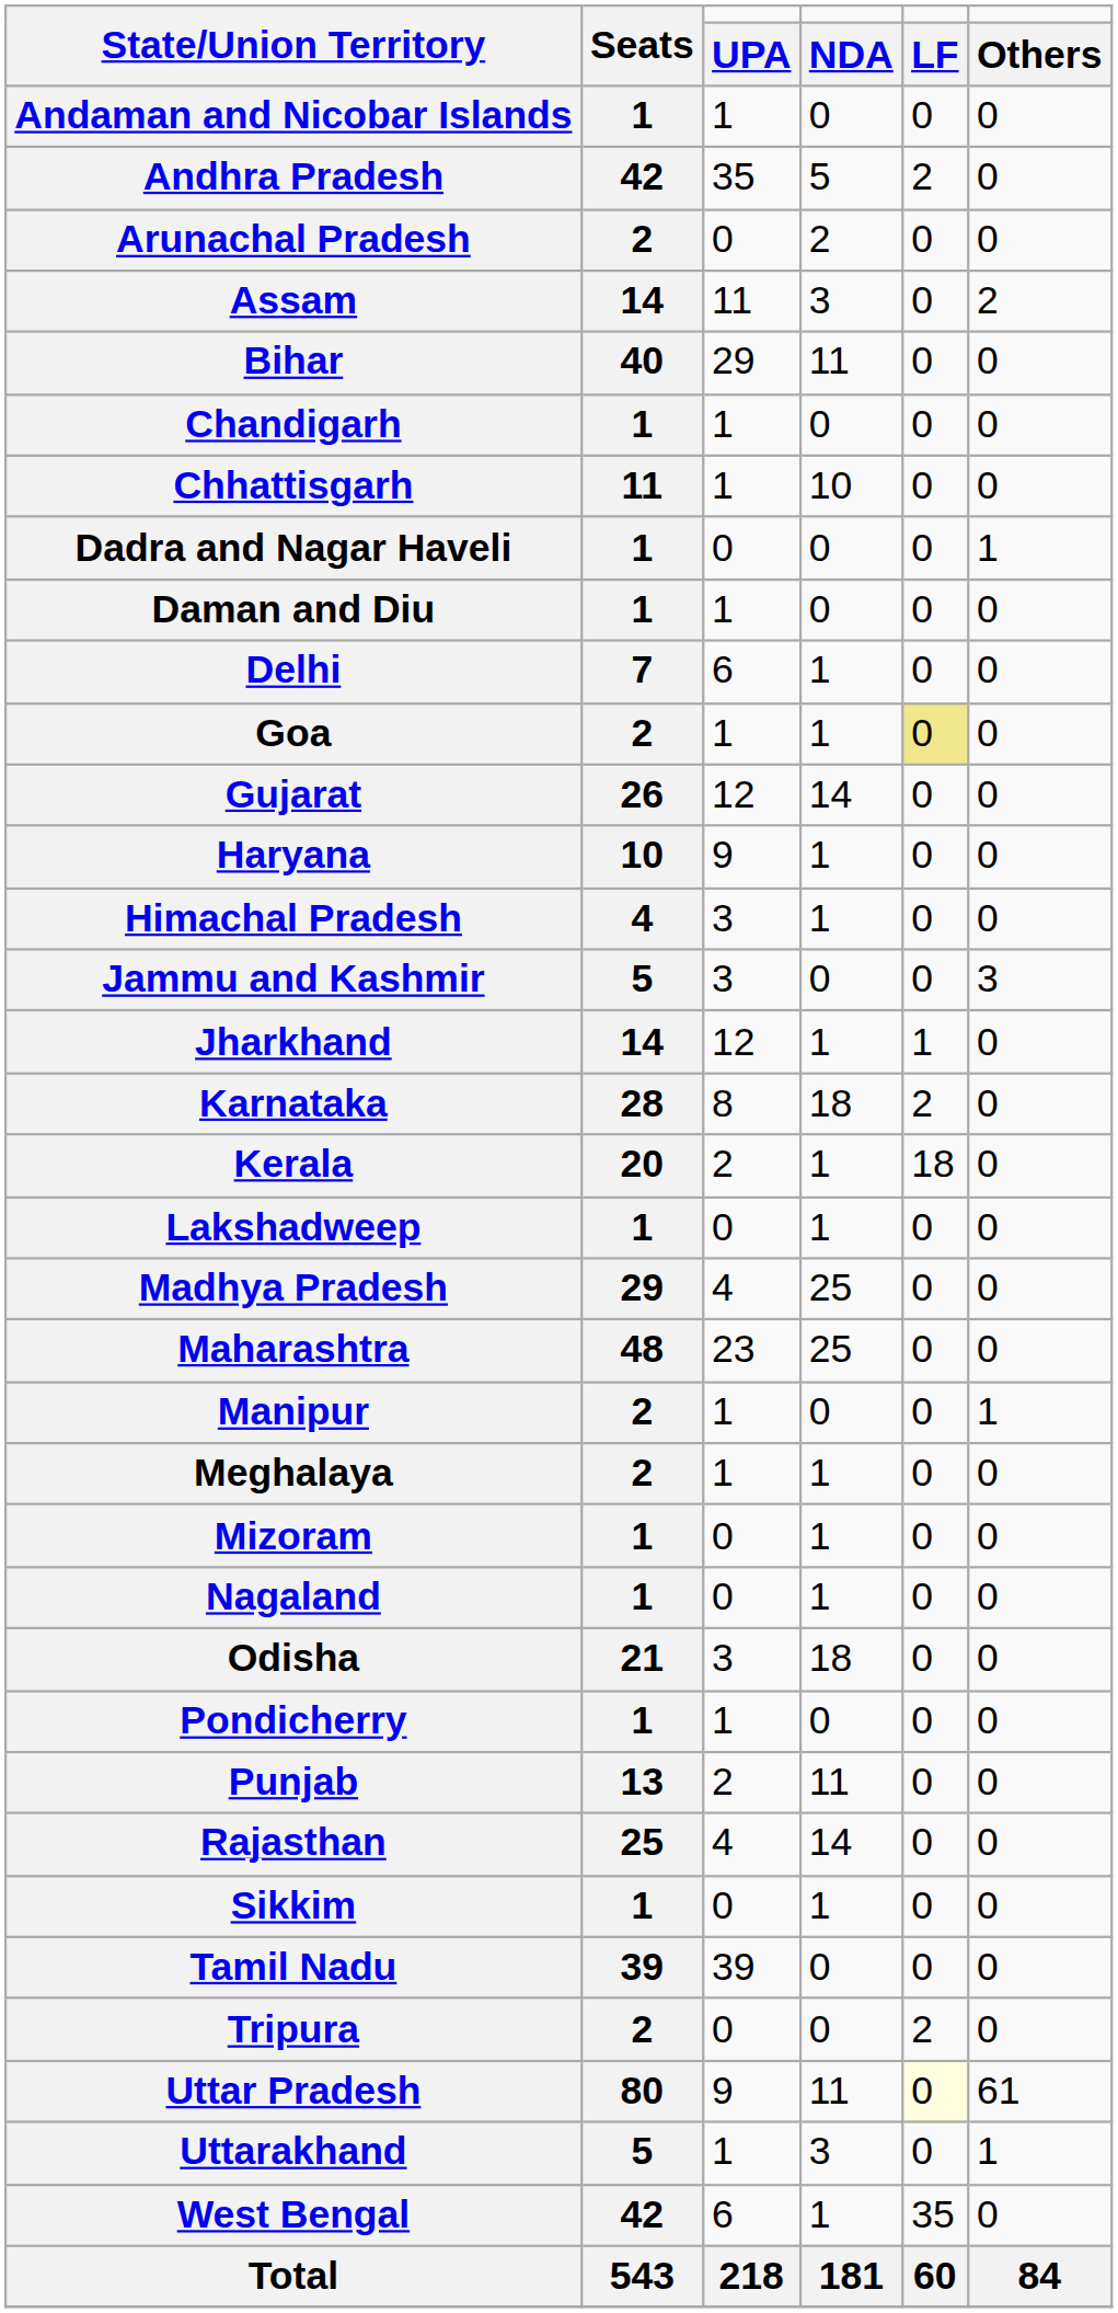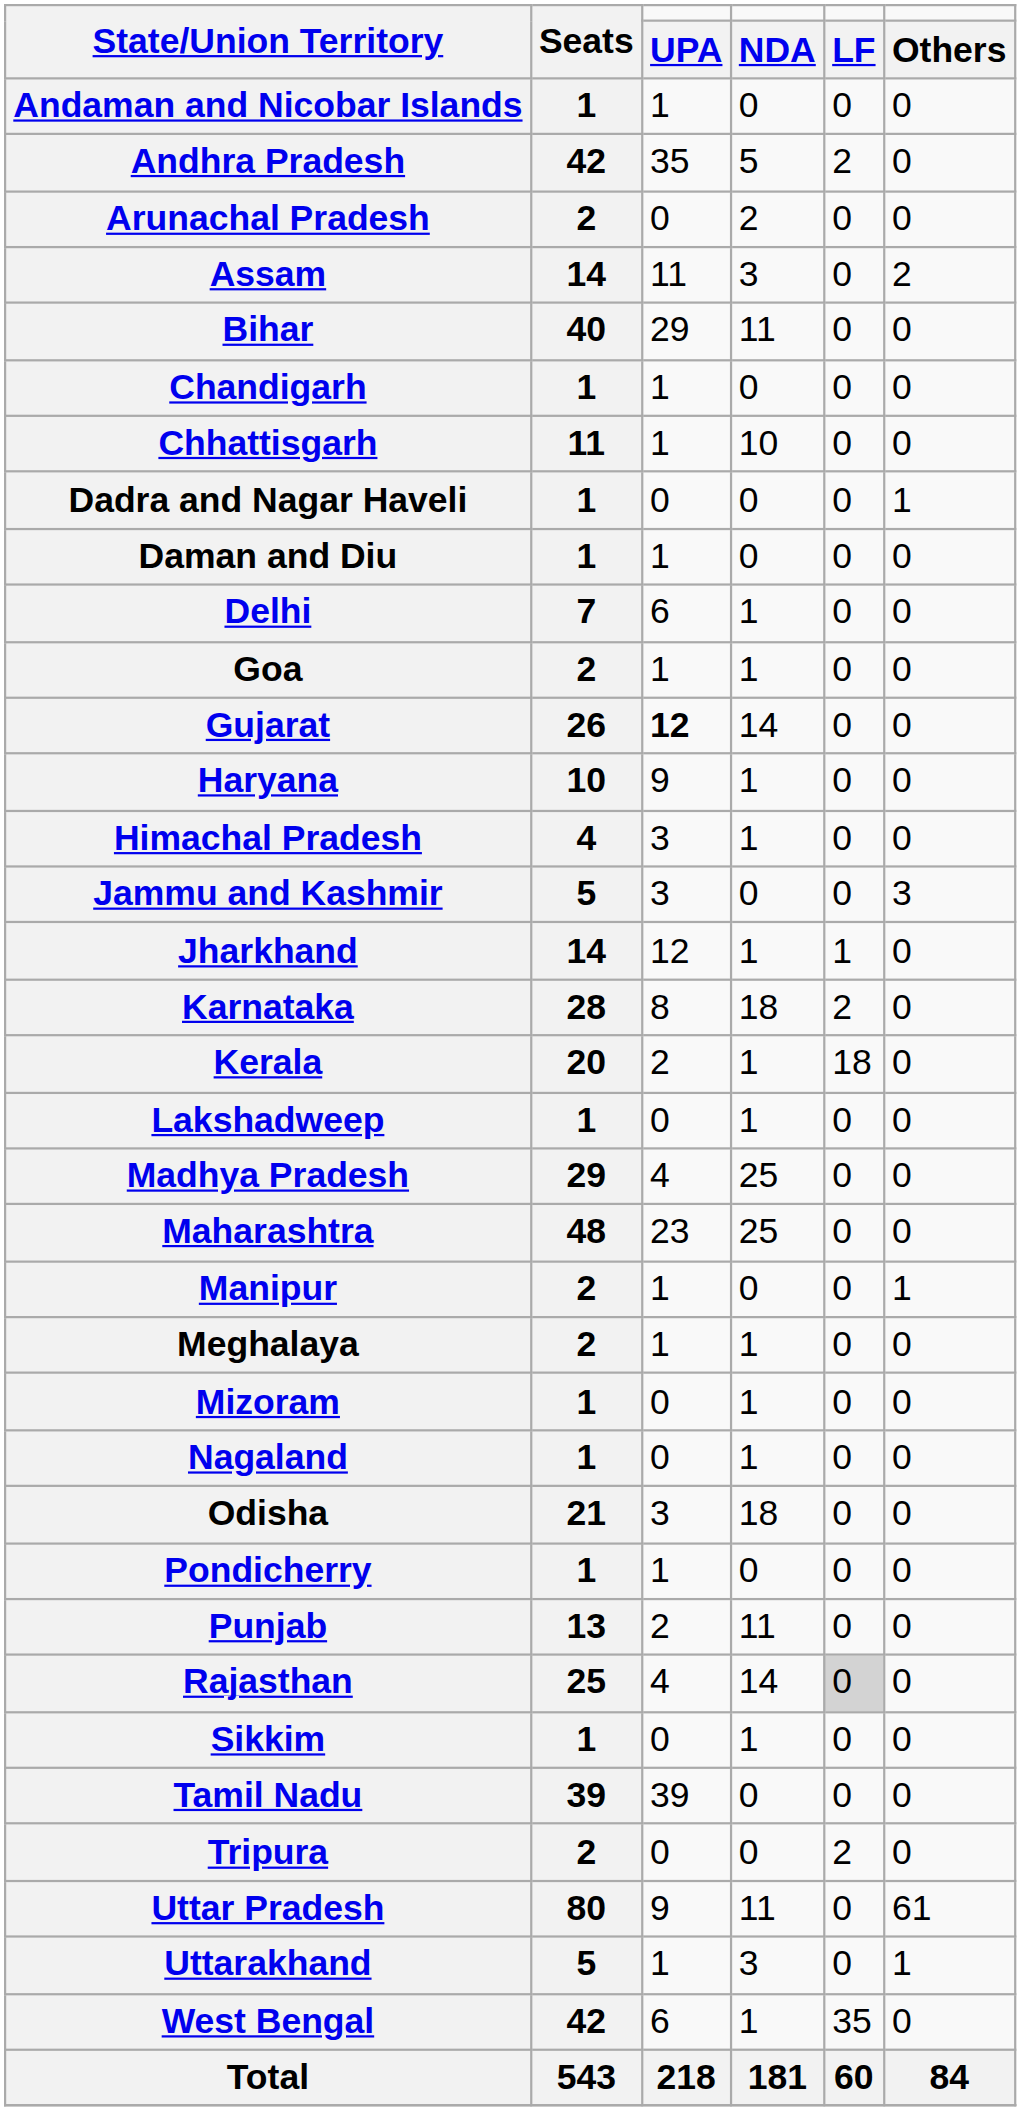 <table class="wikitable defaultcenter col1left" style="font-size: 100%">
 <tr>
 <th rowspan="2"><a href='#'>State/Union Territory</a></th>
 <th rowspan="2">Seats</th>
 <td></td>
 <td></td>
 <td></td>
 <td></td>
 </tr>
 <tr>
 <th><a href='#'>UPA</a></th>
 <th><a href='#'>NDA</a></th>
 <th><a href='#'>LF</a></th>
 <th>Others</th>
 </tr>
 <tr>
 <th><a href='#'>Andaman and Nicobar Islands</a></th>
 <th>1</th>
 <td style="background:">1</td>
 <td>0</td>
 <td>0</td>
 <td>0</td>
 </tr>
 <tr>
 <th><a href='#'>Andhra Pradesh</a></th>
 <th>42</th>
 <td style="background:">35</td>
 <td>5</td>
 <td>2</td>
 <td>0</td>
 </tr>
 <tr>
 <th><a href='#'>Arunachal Pradesh</a></th>
 <th>2</th>
 <td>0</td>
 <td style="background:">2</td>
 <td>0</td>
 <td>0</td>
 </tr>
 <tr>
 <th><a href='#'>Assam</a></th>
 <th>14</th>
 <td style="background:">11</td>
 <td>3</td>
 <td>0</td>
 <td>2</td>
 </tr>
 <tr>
 <th><a href='#'>Bihar</a></th>
 <th>40</th>
 <td style="background:">29</td>
 <td>11</td>
 <td>0</td>
 <td>0</td>
 </tr>
 <tr>
 <th><a href='#'>Chandigarh</a></th>
 <th>1</th>
 <td style="background:">1</td>
 <td>0</td>
 <td>0</td>
 <td>0</td>
 </tr>
 <tr>
 <th><a href='#'>Chhattisgarh</a></th>
 <th>11</th>
 <td>1</td>
 <td style="background:">10</td>
 <td>0</td>
 <td>0</td>
 </tr>
 <tr>
 <th>Dadra and Nagar Haveli</th>
 <th>1</th>
 <td>0</td>
 <td>0</td>
 <td>0</td>
 <td>1</td>
 </tr>
 <tr>
 <th>Daman and Diu</th>
 <th>1</th>
 <td style="background:">1</td>
 <td>0</td>
 <td>0</td>
 <td>0</td>
 </tr>
 <tr>
 <th><a href='#'>Delhi</a></th>
 <th>7</th>
 <td style="background:">6</td>
 <td>1</td>
 <td>0</td>
 <td>0</td>
 </tr>
 <tr>
 <th>Goa</th>
 <th>2</th>
 <td>1</td>
 <td>1</td>
-<td style="background: khaki;">0</td>
+<td>0</td>
 <td>0</td>
 </tr>
 <tr>
 <th><a href='#'>Gujarat</a></th>
 <th>26</th>
-<td>12</td>
+<td><strong>12</strong></td>
 <td style="background:">14</td>
 <td>0</td>
 <td>0</td>
 </tr>
 <tr>
 <th><a href='#'>Haryana</a></th>
 <th>10</th>
 <td style="background:">9</td>
 <td>1</td>
 <td>0</td>
 <td>0</td>
 </tr>
 <tr>
 <th><a href='#'>Himachal Pradesh</a></th>
 <th>4</th>
 <td style="background:">3</td>
 <td>1</td>
 <td>0</td>
 <td>0</td>
 </tr>
 <tr>
 <th><a href='#'>Jammu and Kashmir</a></th>
 <th>5</th>
 <td>3</td>
 <td>0</td>
 <td>0</td>
 <td>3</td>
 </tr>
 <tr>
 <th><a href='#'>Jharkhand</a></th>
 <th>14</th>
 <td style="background:">12</td>
 <td>1</td>
 <td>1</td>
 <td>0</td>
 </tr>
 <tr>
 <th><a href='#'>Karnataka</a></th>
 <th>28</th>
 <td>8</td>
 <td style="background:">18</td>
 <td>2</td>
 <td>0</td>
 </tr>
 <tr>
 <th><a href='#'>Kerala</a></th>
 <th>20</th>
 <td>2</td>
 <td>1</td>
 <td style="background:">18</td>
 <td>0</td>
 </tr>
 <tr>
 <th><a href='#'>Lakshadweep</a></th>
 <th>1</th>
 <td>0</td>
 <td style="background:">1</td>
 <td>0</td>
 <td>0</td>
 </tr>
 <tr>
 <th><a href='#'>Madhya Pradesh</a></th>
 <th>29</th>
 <td>4</td>
 <td style="background:">25</td>
 <td>0</td>
 <td>0</td>
 </tr>
 <tr>
 <th><a href='#'>Maharashtra</a></th>
 <th>48</th>
 <td>23</td>
 <td style="background:">25</td>
 <td>0</td>
 <td>0</td>
 </tr>
 <tr>
 <th><a href='#'>Manipur</a></th>
 <th>2</th>
 <td>1</td>
 <td>0</td>
 <td>0</td>
 <td>1</td>
 </tr>
 <tr>
 <th>Meghalaya</th>
 <th>2</th>
 <td>1</td>
 <td>1</td>
 <td>0</td>
 <td>0</td>
 </tr>
 <tr>
 <th><a href='#'>Mizoram</a></th>
 <th>1</th>
 <td>0</td>
 <td style="background:">1</td>
 <td>0</td>
 <td>0</td>
 </tr>
 <tr>
 <th><a href='#'>Nagaland</a></th>
 <th>1</th>
 <td>0</td>
 <td style="background:">1</td>
 <td>0</td>
 <td>0</td>
 </tr>
 <tr>
 <th>Odisha</th>
 <th>21</th>
 <td>3</td>
 <td style="background:">18</td>
 <td>0</td>
 <td>0</td>
 </tr>
 <tr>
 <th><a href='#'>Pondicherry</a></th>
 <th>1</th>
 <td style="background:">1</td>
 <td>0</td>
 <td>0</td>
 <td>0</td>
 </tr>
 <tr>
 <th><a href='#'>Punjab</a></th>
 <th>13</th>
 <td>2</td>
 <td style="background:">11</td>
 <td>0</td>
 <td>0</td>
 </tr>
 <tr>
 <th><a href='#'>Rajasthan</a></th>
 <th>25</th>
 <td>4</td>
 <td style="background:">14</td>
-<td>0</td>
+<td style="background: lightgrey;">0</td>
 <td>0</td>
 </tr>
 <tr>
 <th><a href='#'>Sikkim</a></th>
 <th>1</th>
 <td>0</td>
 <td style="background:">1</td>
 <td>0</td>
 <td>0</td>
 </tr>
 <tr>
 <th><a href='#'>Tamil Nadu</a></th>
 <th>39</th>
 <td style="background:">39</td>
 <td>0</td>
 <td>0</td>
 <td>0</td>
 </tr>
 <tr>
 <th><a href='#'>Tripura</a></th>
 <th>2</th>
 <td>0</td>
 <td>0</td>
 <td style="background:">2</td>
 <td>0</td>
 </tr>
 <tr>
 <th><a href='#'>Uttar Pradesh</a></th>
 <th>80</th>
 <td>9</td>
 <td>11</td>
-<td style="background: lightyellow;">0</td>
+<td>0</td>
 <td style="background:">61</td>
 </tr>
 <tr>
 <th><a href='#'>Uttarakhand</a></th>
 <th>5</th>
 <td>1</td>
 <td style="background:">3</td>
 <td>0</td>
 <td>1</td>
 </tr>
 <tr>
 <th><a href='#'>West Bengal</a></th>
 <th>42</th>
 <td>6</td>
 <td>1</td>
 <td style="background:">35</td>
 <td>0</td>
 </tr>
 <tr>
 <th>Total</th>
 <th>543</th>
 <th>218</th>
 <th>181</th>
 <th>60</th>
 <th>84</th>
 </tr>
 <tr>
 </tr>
 </table>
